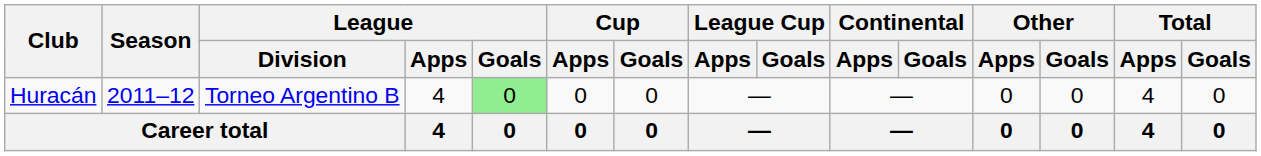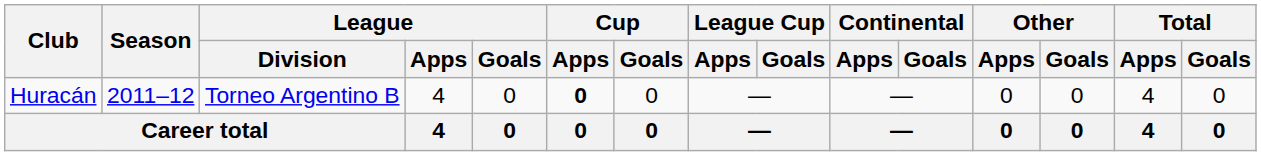 <table class="wikitable" style="text-align:center">
 <tr>
 <th rowspan="2">Club</th>
 <th rowspan="2">Season</th>
 <th colspan="3">League</th>
 <th colspan="2">Cup</th>
 <th colspan="2">League Cup</th>
 <th colspan="2">Continental</th>
 <th colspan="2">Other</th>
 <th colspan="2">Total</th>
 </tr>
 <tr>
 <th>Division</th>
 <th>Apps</th>
 <th>Goals</th>
 <th>Apps</th>
 <th>Goals</th>
 <th>Apps</th>
 <th>Goals</th>
 <th>Apps</th>
 <th>Goals</th>
 <th>Apps</th>
 <th>Goals</th>
 <th>Apps</th>
 <th>Goals</th>
 </tr>
 <tr>
 <td rowspan="1"><a href='#'>Huracán</a></td>
 <td><a href='#'>2011–12</a></td>
 <td rowspan="1"><a href='#'>Torneo Argentino B</a></td>
 <td>4</td>
-<td style="background: lightgreen;">0</td>
 <td>0</td>
+<td><strong>0</strong></td>
 <td>0</td>
 <td colspan="2">—</td>
 <td colspan="2">—</td>
 <td>0</td>
 <td>0</td>
 <td>4</td>
 <td>0</td>
 </tr>
 <tr>
 <th colspan="3">Career total</th>
 <th>4</th>
 <th>0</th>
 <th>0</th>
 <th>0</th>
 <th colspan="2">—</th>
 <th colspan="2">—</th>
 <th>0</th>
 <th>0</th>
 <th>4</th>
 <th>0</th>
 </tr>
 </table>
